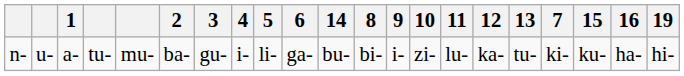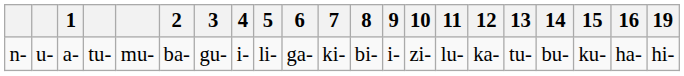 <table class="wikitable">
 <tr>
 <th></th>
 <th></th>
 <th>1</th>
 <th></th>
 <th></th>
 <th>2</th>
 <th>3</th>
 <th>4</th>
 <th>5</th>
 <th>6</th>
-<th>14</th>
+<th>7</th>
 <th>8</th>
 <th>9</th>
 <th>10</th>
 <th>11</th>
 <th>12</th>
 <th>13</th>
-<th>7</th>
+<th>14</th>
 <th>15</th>
 <th>16</th>
 <th>19</th>
 </tr>
 <tr>
 <td>n-</td>
 <td>u-</td>
 <td>a-</td>
 <td>tu-</td>
 <td>mu-</td>
 <td>ba-</td>
 <td>gu-</td>
 <td>i-</td>
 <td>li-</td>
 <td>ga-</td>
-<td>bu-</td>
+<td>ki-</td>
 <td>bi-</td>
 <td>i-</td>
 <td>zi-</td>
 <td>lu-</td>
 <td>ka-</td>
 <td>tu-</td>
-<td>ki-</td>
+<td>bu-</td>
 <td>ku-</td>
 <td>ha-</td>
 <td>hi-</td>
 </tr>
 </table>
